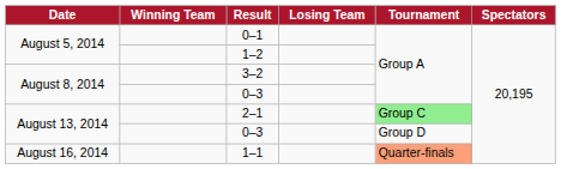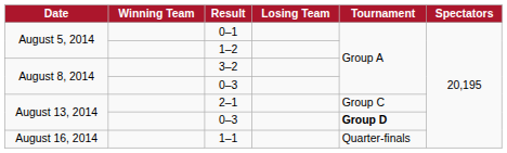 <table class="wikitable"  style="text-align:left; width:80%;" style="text-align:center">
 <tr>
 <th style="text-align:center; background:#AC162C; color:#FFFFFF; ">Date</th>
 <th style="text-align:center; background:#AC162C; color:#FFFFFF; ">Winning Team</th>
 <th style="text-align:center; background:#AC162C; color:#FFFFFF; ">Result</th>
 <th style="text-align:center; background:#AC162C; color:#FFFFFF; ">Losing Team</th>
 <th style="text-align:center; background:#AC162C; color:#FFFFFF; ">Tournament</th>
 <th style="text-align:center; background:#AC162C; color:#FFFFFF; ">Spectators</th>
 </tr>
 <tr>
 <td style="text-align:center;" rowspan=2>August 5, 2014</td>
 <td></td>
 <td style="text-align:center;">0–1</td>
 <td></td>
 <td rowspan=4>Group A</td>
 <td rowspan=7 style="text-align:center;">20,195</td>
 </tr>
 <tr>
 <td></td>
 <td style="text-align:center;">1–2</td>
 <td></td>
 </tr>
 <tr>
 <td style="text-align:center;" rowspan=2>August 8, 2014</td>
 <td></td>
 <td style="text-align:center;">3–2</td>
 <td></td>
 </tr>
 <tr>
 <td></td>
 <td style="text-align:center;">0–3</td>
 <td></td>
 </tr>
 <tr>
 <td style="text-align:center;" rowspan=2>August 13, 2014</td>
 <td></td>
 <td style="text-align:center;">2–1</td>
 <td></td>
-<td style="background: lightgreen;">Group C</td>
+<td>Group C</td>
 </tr>
 <tr>
 <td></td>
 <td style="text-align:center;">0–3</td>
 <td></td>
-<td>Group D</td>
+<td><strong>Group D</strong></td>
 </tr>
 <tr>
 <td style="text-align:center;">August 16, 2014</td>
 <td></td>
 <td style="text-align:center;">1–1 </td>
 <td></td>
-<td style="background: lightsalmon;">Quarter-finals</td>
+<td>Quarter-finals</td>
 </tr>
 </table>
